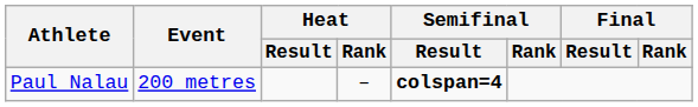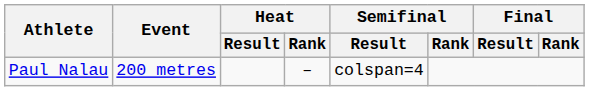 <table class=wikitable style=font-size:90%>
 <tr>
 <th rowspan=2>Athlete</th>
 <th rowspan=2>Event</th>
 <th colspan=2>Heat</th>
 <th colspan=2>Semifinal</th>
 <th colspan=2>Final</th>
 </tr>
 <tr style=font-size:95%>
 <th>Result</th>
 <th>Rank</th>
 <th>Result</th>
 <th>Rank</th>
 <th>Result</th>
 <th>Rank</th>
 </tr>
 <tr align=center>
 <td align=left><a href='#'>Paul Nalau</a></td>
 <td align=left><a href='#'>200 metres</a></td>
 <td></td>
 <td>–</td>
-<td><strong>colspan=4 </strong></td>
+<td>colspan=4 </td>
 </tr>
 </table>
